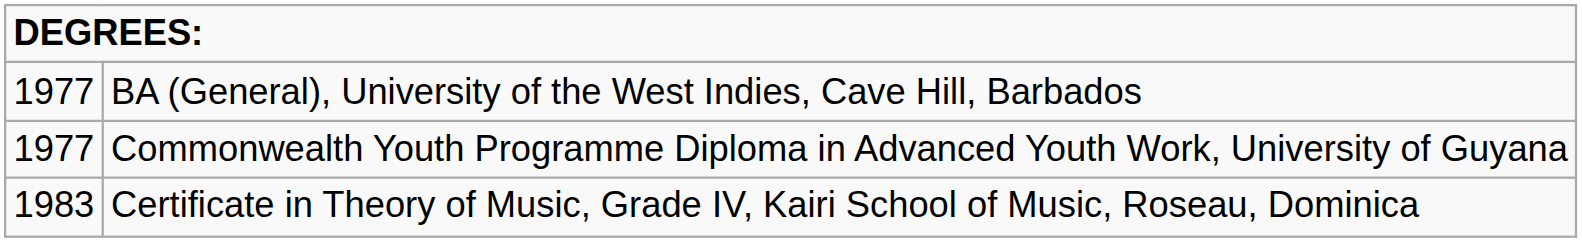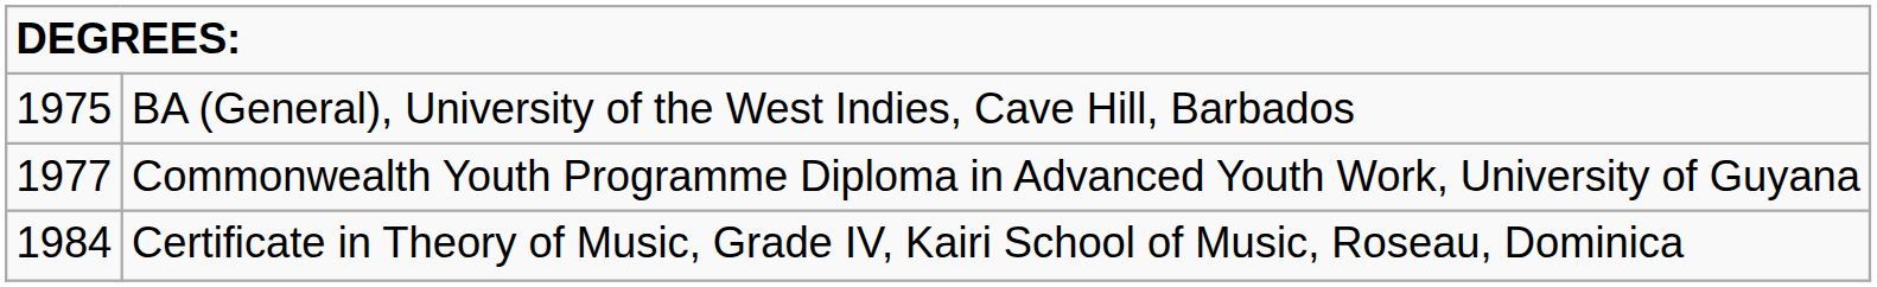 <table class="wikitable">
 <tr>
 <td colspan="2"><strong>DEGREES:</strong></td>
 </tr>
 <tr>
-<td>1977</td>
+<td>1975</td>
 <td>BA (General), University of the West Indies, Cave Hill, Barbados</td>
 </tr>
 <tr>
 <td>1977</td>
 <td>Commonwealth Youth Programme Diploma in Advanced Youth Work, University of Guyana</td>
 </tr>
 <tr>
-<td>1983</td>
+<td>1984</td>
 <td>Certificate in Theory of Music, Grade IV, Kairi School of Music, Roseau, Dominica</td>
 </tr>
 </table>
